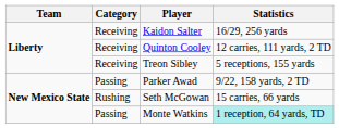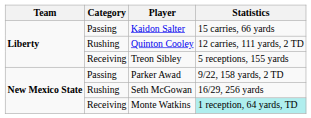 <table class="wikitable" style="float: right;">
 <tr>
 <th>Team</th>
 <th>Category</th>
 <th>Player</th>
 <th>Statistics</th>
 </tr>
 <tr>
 <td rowspan=3><strong>Liberty</strong></td>
-<td>Receiving</td>
+<td>Passing</td>
 <td><a href='#'>Kaidon Salter</a></td>
-<td>16/29, 256 yards</td>
+<td>15 carries, 66 yards</td>
 </tr>
 <tr>
-<td>Receiving</td>
+<td>Rushing</td>
 <td><a href='#'>Quinton Cooley</a></td>
 <td>12 carries, 111 yards, 2 TD</td>
 </tr>
 <tr>
 <td>Receiving</td>
 <td>Treon Sibley</td>
 <td>5 receptions, 155 yards</td>
 </tr>
 <tr>
 <td rowspan=3><strong>New Mexico State</strong></td>
 <td>Passing</td>
 <td>Parker Awad</td>
 <td>9/22, 158 yards, 2 TD</td>
 </tr>
 <tr>
 <td>Rushing</td>
 <td>Seth McGowan</td>
-<td>15 carries, 66 yards</td>
+<td>16/29, 256 yards</td>
 </tr>
 <tr>
-<td>Passing</td>
+<td>Receiving</td>
 <td>Monte Watkins</td>
 <td style="background: paleturquoise;">1 reception, 64 yards, TD</td>
 </tr>
 </table>
